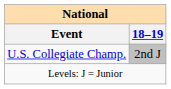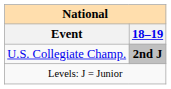 <table class="wikitable" style="text-align:center">
 <tr>
 <th colspan="2" style="background-color: #ffdead; " align="center">National</th>
 </tr>
 <tr>
 <th>Event</th>
 <th><a href='#'>18–19</a></th>
 </tr>
 <tr>
 <td align=left><a href='#'>U.S. Collegiate Champ.</a></td>
-<td bgcolor="silver">2nd J</td>
+<td bgcolor="silver"><strong>2nd J</strong></td>
 </tr>
 <tr>
 <td colspan="2" align="center"><small> Levels: J = Junior </small></td>
 </tr>
 </table>
